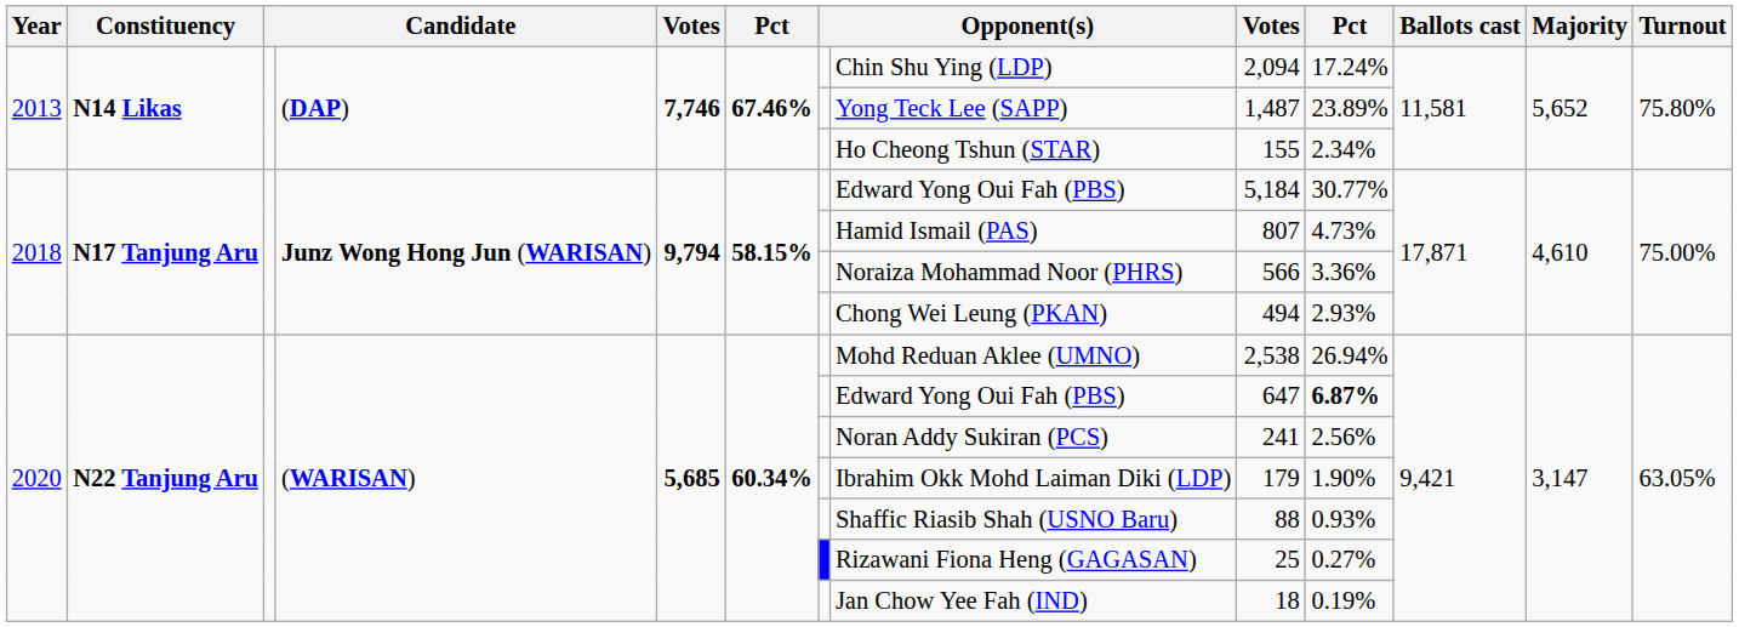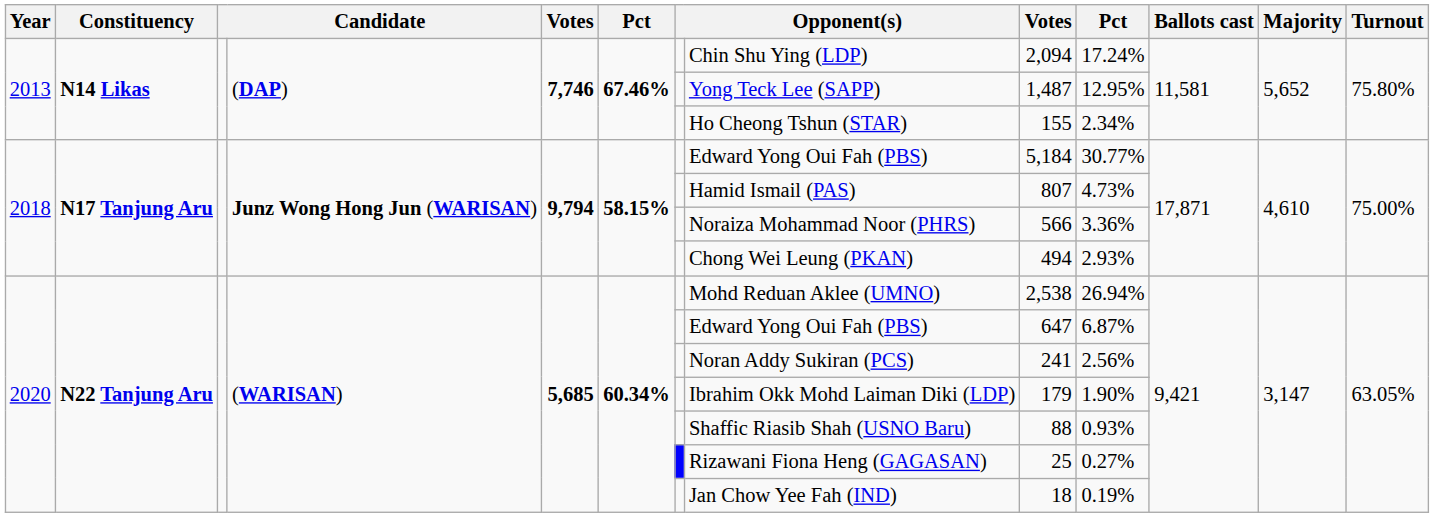 <table class="wikitable" style="margin:0.5em ; font-size:95%">
 <tr>
 <th>Year</th>
 <th>Constituency</th>
 <th colspan=2>Candidate</th>
 <th>Votes</th>
 <th>Pct</th>
 <th colspan=2>Opponent(s)</th>
 <th>Votes</th>
 <th>Pct</th>
 <th>Ballots cast</th>
 <th>Majority</th>
 <th>Turnout</th>
 </tr>
 <tr>
 <td rowspan=3><a href='#'>2013</a></td>
 <td rowspan=3><strong>N14 <a href='#'>Likas</a></strong></td>
 <td rowspan=3 ></td>
 <td rowspan=3> (<a href='#'><strong>DAP</strong></a>)</td>
 <td rowspan=3 align="right"><strong>7,746</strong></td>
 <td rowspan=3><strong>67.46%</strong></td>
 <td></td>
 <td>Chin Shu Ying (<a href='#'>LDP</a>)</td>
 <td align="right">2,094</td>
 <td>17.24%</td>
 <td rowspan=3>11,581</td>
 <td rowspan=3>5,652</td>
 <td rowspan=3>75.80%</td>
 </tr>
 <tr>
 <td></td>
 <td><a href='#'>Yong Teck Lee</a> (<a href='#'>SAPP</a>)</td>
 <td align="right">1,487</td>
-<td>23.89%</td>
+<td>12.95%</td>
 </tr>
 <tr>
 <td></td>
 <td>Ho Cheong Tshun (<a href='#'>STAR</a>)</td>
 <td align="right">155</td>
 <td>2.34%</td>
 </tr>
 <tr>
 <td rowspan=4><a href='#'>2018</a></td>
 <td rowspan=4><strong>N17 <a href='#'>Tanjung Aru</a></strong></td>
 <td rowspan=4 ></td>
 <td rowspan=4><strong>Junz Wong Hong Jun</strong> (<a href='#'><strong>WARISAN</strong></a>)</td>
 <td rowspan=4 align="right"><strong>9,794</strong></td>
 <td rowspan=4><strong>58.15%</strong></td>
 <td></td>
 <td>Edward Yong Oui Fah (<a href='#'>PBS</a>)</td>
 <td align="right">5,184</td>
 <td>30.77%</td>
 <td rowspan=4>17,871</td>
 <td rowspan=4>4,610</td>
 <td rowspan=4>75.00%</td>
 </tr>
 <tr>
 <td></td>
 <td>Hamid Ismail (<a href='#'>PAS</a>)</td>
 <td align="right">807</td>
 <td>4.73%</td>
 </tr>
 <tr>
 <td></td>
 <td>Noraiza Mohammad Noor (<a href='#'>PHRS</a>)</td>
 <td align="right">566</td>
 <td>3.36%</td>
 </tr>
 <tr>
 <td></td>
 <td>Chong Wei Leung (<a href='#'>PKAN</a>)</td>
 <td align="right">494</td>
 <td>2.93%</td>
 </tr>
 <tr>
 <td rowspan=7><a href='#'>2020</a></td>
 <td rowspan=7><strong>N22 <a href='#'>Tanjung Aru</a></strong></td>
 <td rowspan=7 ></td>
 <td rowspan=7> (<a href='#'><strong>WARISAN</strong></a>)</td>
 <td rowspan=7 align="right"><strong>5,685</strong></td>
 <td rowspan=7><strong>60.34%</strong></td>
 <td></td>
 <td>Mohd Reduan Aklee (<a href='#'>UMNO</a>)</td>
 <td align="right">2,538</td>
 <td>26.94%</td>
 <td rowspan=7>9,421</td>
 <td rowspan=7>3,147</td>
 <td rowspan=7>63.05%</td>
 </tr>
 <tr>
 <td></td>
 <td>Edward Yong Oui Fah (<a href='#'>PBS</a>)</td>
 <td align="right">647</td>
-<td><strong>6.87%</strong></td>
+<td>6.87%</td>
 </tr>
 <tr>
 <td></td>
 <td>Noran Addy Sukiran (<a href='#'>PCS</a>)</td>
 <td align="right">241</td>
 <td>2.56%</td>
 </tr>
 <tr>
 <td></td>
 <td>Ibrahim Okk Mohd Laiman Diki (<a href='#'>LDP</a>)</td>
 <td align="right">179</td>
 <td>1.90%</td>
 </tr>
 <tr>
 <td bgcolor=></td>
 <td>Shaffic Riasib Shah (<a href='#'>USNO Baru</a>)</td>
 <td align="right">88</td>
 <td>0.93%</td>
 </tr>
 <tr>
 <td bgcolor=blue></td>
 <td>Rizawani Fiona Heng (<a href='#'>GAGASAN</a>)</td>
 <td align="right">25</td>
 <td>0.27%</td>
 </tr>
 <tr>
 <td></td>
 <td>Jan Chow Yee Fah (<a href='#'>IND</a>)</td>
 <td align="right">18</td>
 <td>0.19%</td>
 </tr>
 </table>
